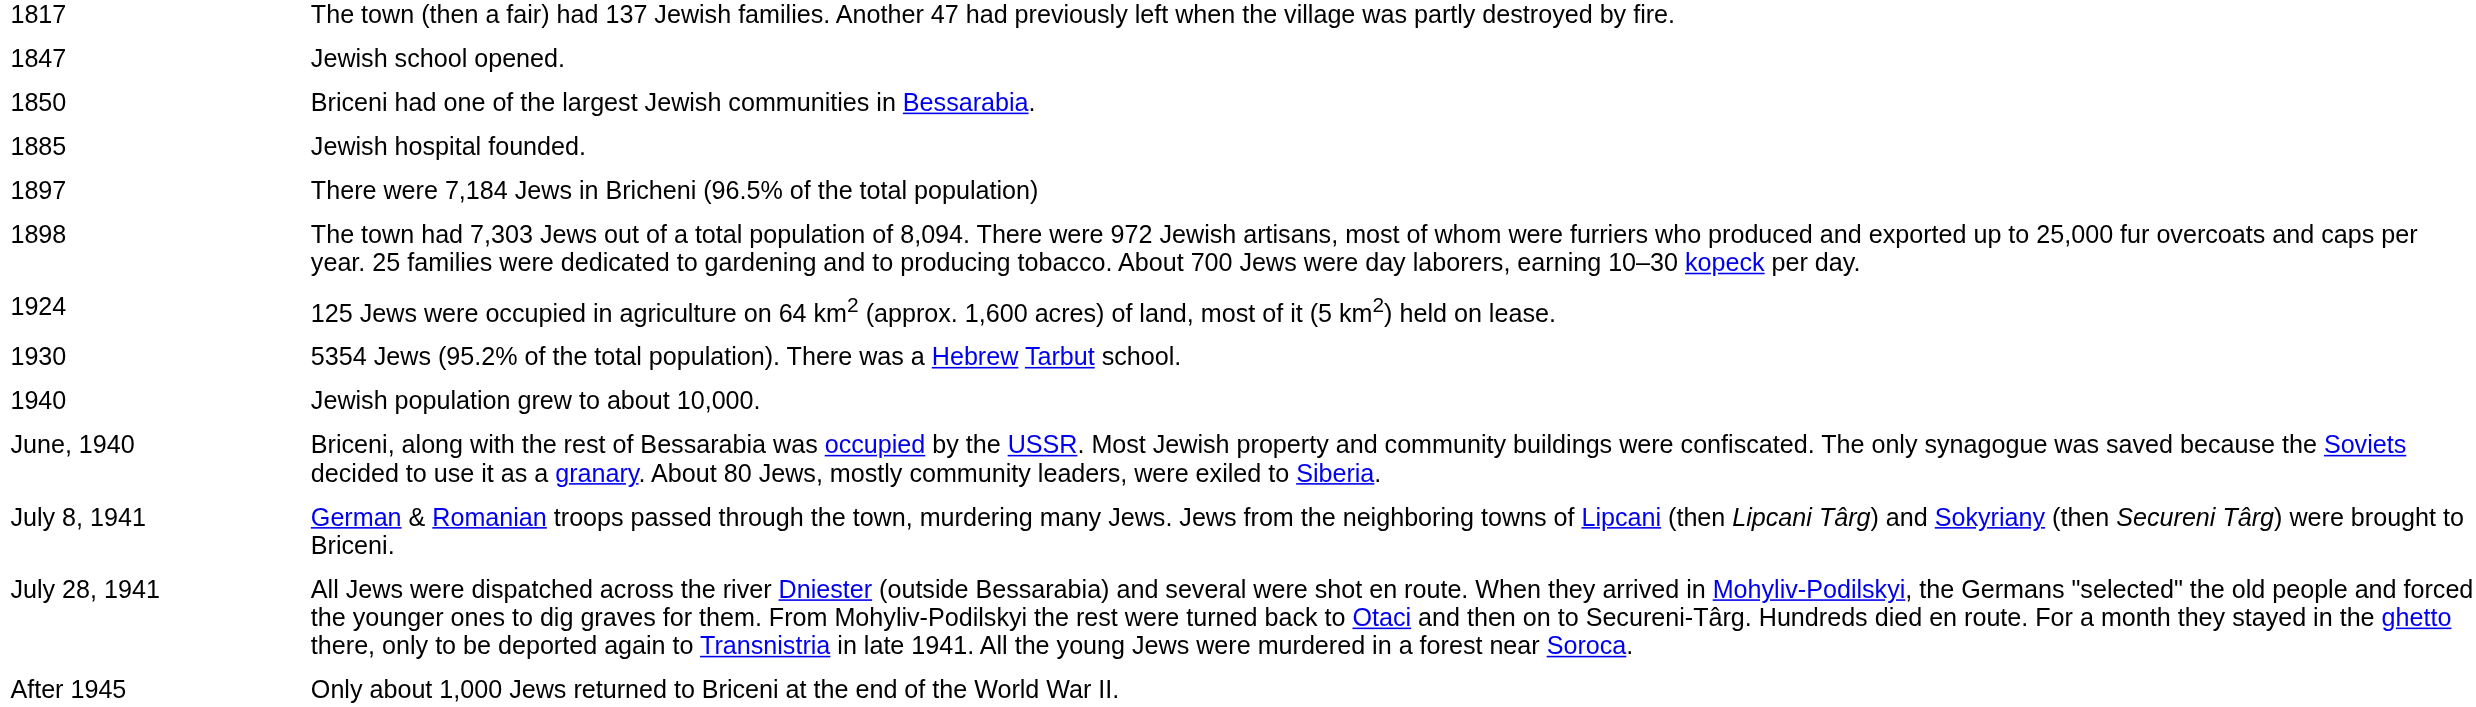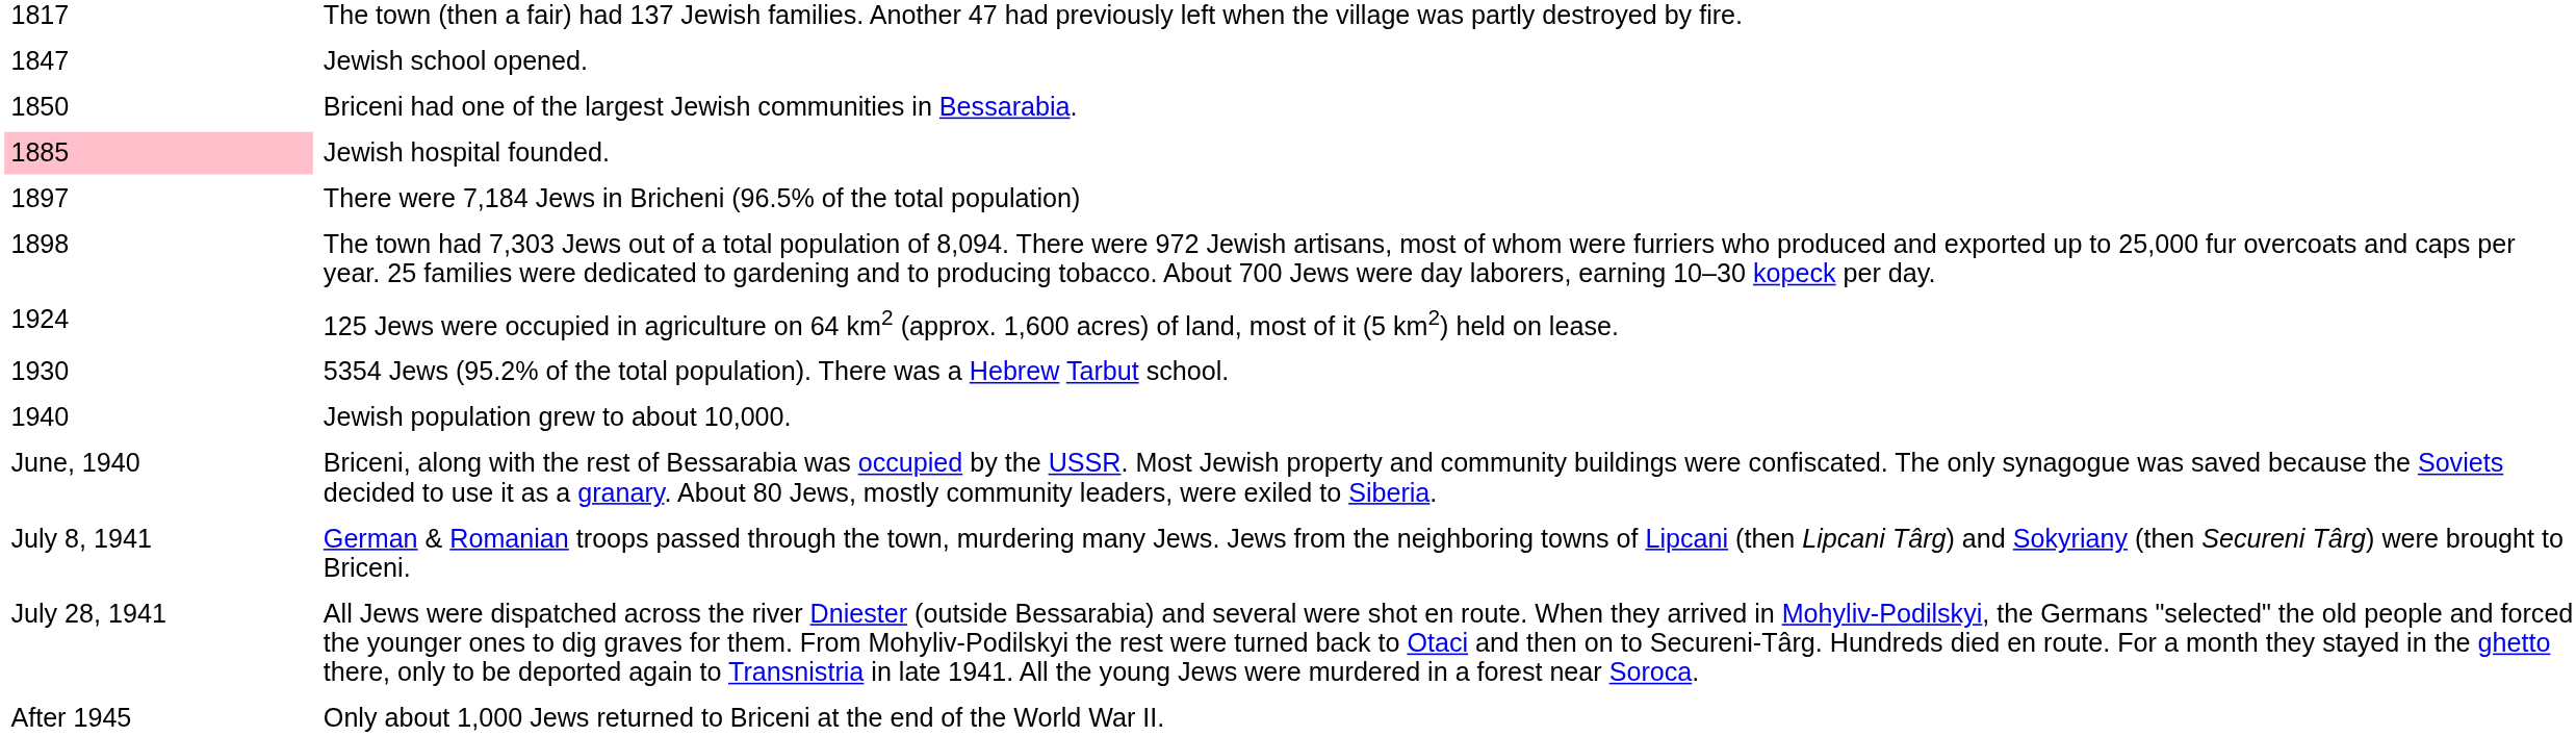 <table border="0" cellpadding="4" cellspacing="2">
 <tr>
 <td colspan="2"></td>
 </tr>
 <tr>
 <td valign="top" width="12%">1817</td>
 <td>The town (then a fair) had 137 Jewish families. Another 47 had previously left when the village was partly destroyed by fire.</td>
 </tr>
 <tr>
 <td valign="top">1847</td>
 <td>Jewish school opened.</td>
 </tr>
 <tr>
 <td valign="top">1850</td>
 <td>Briceni had one of the largest Jewish communities in <a href='#'>Bessarabia</a>.</td>
 </tr>
 <tr>
-<td valign="top">1885</td>
+<td valign="top" style="background: pink;">1885</td>
 <td>Jewish hospital founded.</td>
 </tr>
 <tr>
 <td valign="top">1897</td>
 <td>There were 7,184 Jews in Bricheni (96.5% of the total population)</td>
 </tr>
 <tr>
 <td valign="top">1898</td>
 <td>The town had 7,303 Jews out of a total population of 8,094. There were 972 Jewish artisans, most of whom were furriers who produced and exported up to 25,000 fur overcoats and caps per year. 25 families were dedicated to gardening and to producing tobacco. About 700 Jews were day laborers, earning 10–30 <a href='#'>kopeck</a> per day.</td>
 </tr>
 <tr>
 <td valign="top">1924</td>
 <td>125 Jews were occupied in agriculture on 64 km<sup>2</sup> (approx. 1,600 acres) of land, most of it (5 km<sup>2</sup>) held on lease.</td>
 </tr>
 <tr>
 <td valign="top">1930</td>
 <td>5354 Jews (95.2% of the total population). There was a <a href='#'>Hebrew</a> <a href='#'>Tarbut</a> school.</td>
 </tr>
 <tr>
 <td valign="top">1940</td>
 <td>Jewish population grew to about 10,000.</td>
 </tr>
 <tr>
 <td valign="top">June, 1940</td>
 <td>Briceni, along with the rest of Bessarabia was <a href='#'>occupied</a> by the <a href='#'>USSR</a>. Most Jewish property and community buildings were confiscated. The only synagogue was saved because the <a href='#'>Soviets</a> decided to use it as a <a href='#'>granary</a>. About 80 Jews, mostly community leaders, were exiled to <a href='#'>Siberia</a>.</td>
 </tr>
 <tr>
 <td valign="top">July 8, 1941</td>
 <td><a href='#'>German</a> & <a href='#'>Romanian</a> troops passed through the town, murdering many Jews. Jews from the neighboring towns of <a href='#'>Lipcani</a> (then <em>Lipcani Târg</em>) and <a href='#'>Sokyriany</a> (then <em>Secureni Târg</em>) were brought to Briceni.</td>
 </tr>
 <tr>
 <td valign="top">July 28, 1941</td>
 <td>All Jews were dispatched across the river <a href='#'>Dniester</a> (outside Bessarabia) and several were shot en route. When they arrived in <a href='#'>Mohyliv-Podilskyi</a>, the Germans "selected" the old people and forced the younger ones to dig graves for them. From Mohyliv-Podilskyi the rest were turned back to <a href='#'>Otaci</a> and then on to Secureni-Târg. Hundreds died en route. For a month they stayed in the <a href='#'>ghetto</a> there, only to be deported again to <a href='#'>Transnistria</a> in late 1941. All the young Jews were murdered in a forest near <a href='#'>Soroca</a>.</td>
 </tr>
 <tr>
 <td valign="top">After 1945</td>
 <td>Only about 1,000 Jews returned to Briceni at the end of the World War II.</td>
 </tr>
 </table>
